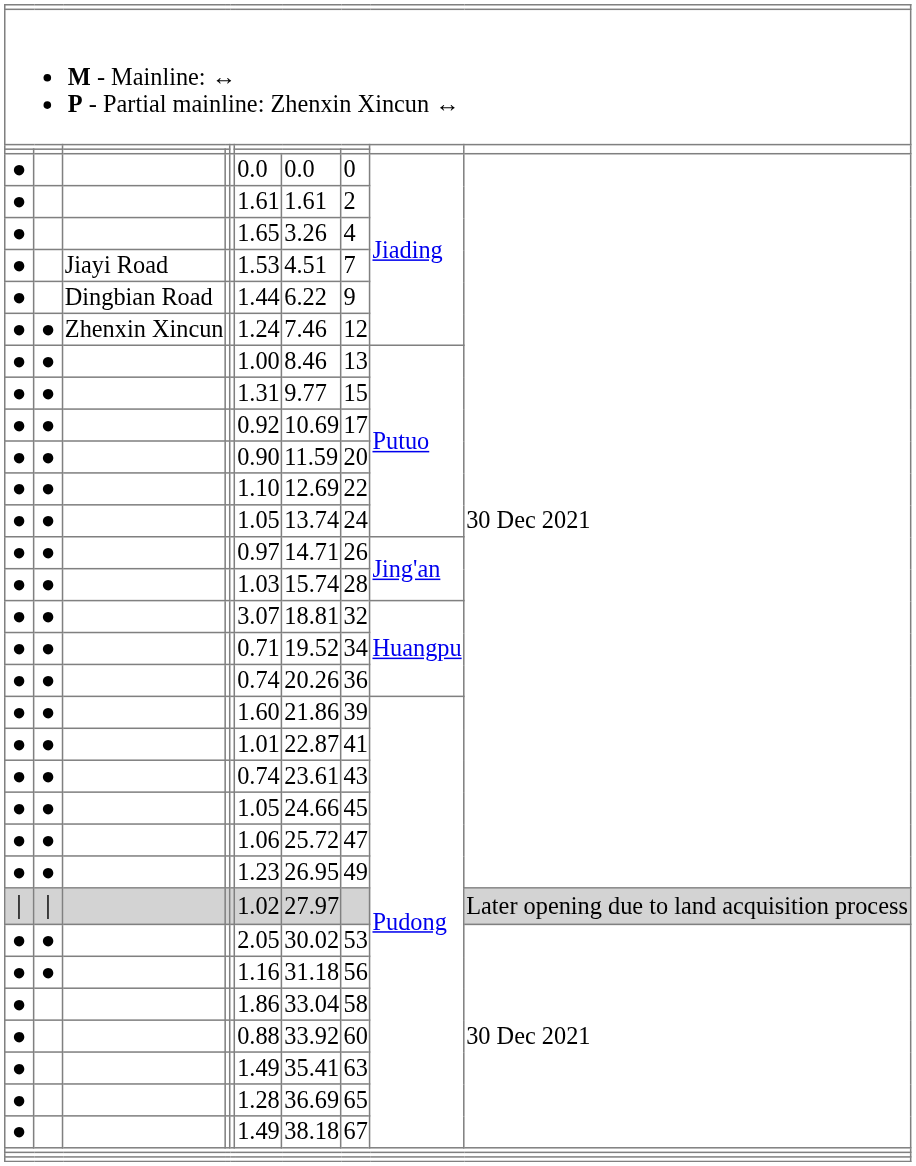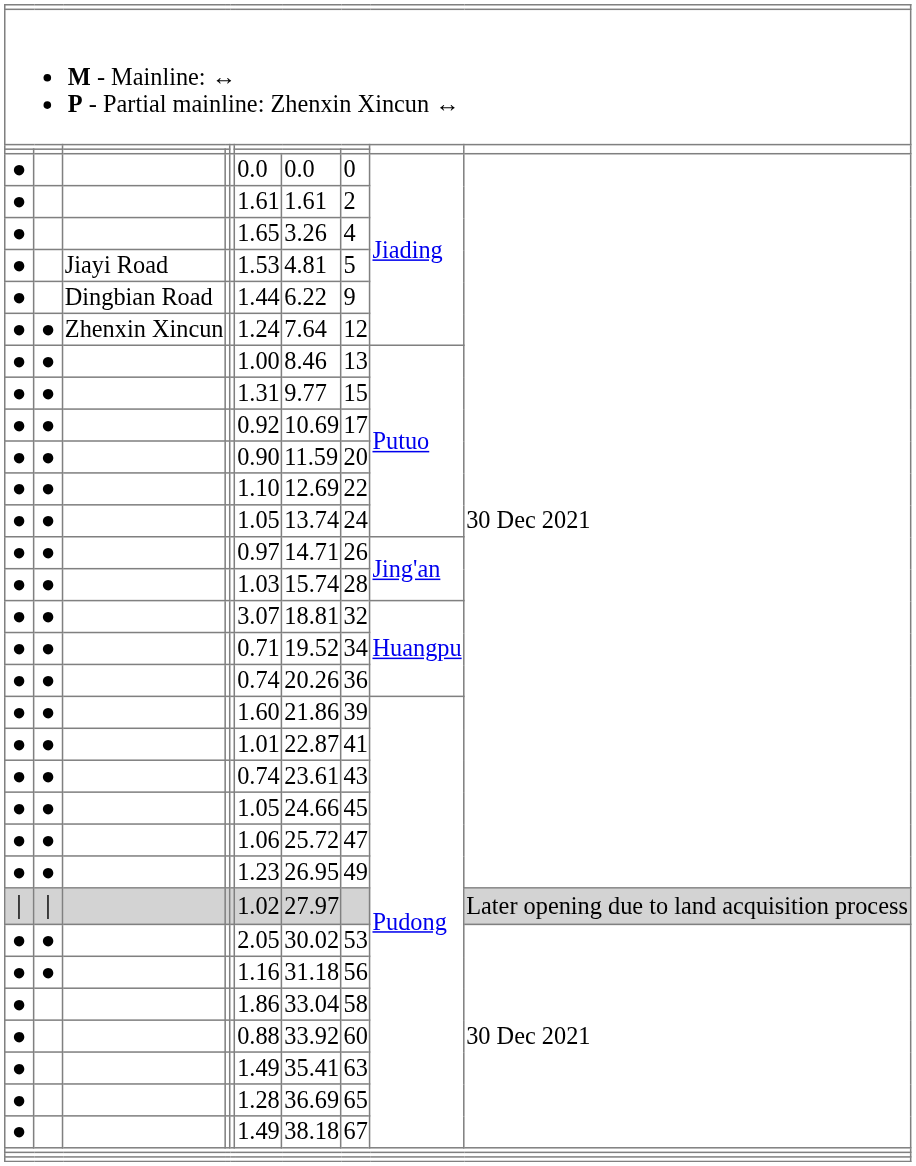 <table border=1 style="border-collapse: collapse;" class="mw-collapsible">
 <tr>
 <th colspan="11" style="text-align: center"></th>
 </tr>
 <tr>
 <td colspan="11" style="text-align: left"><br><ul><li><strong>M</strong> - Mainline:  ↔ </li><li><strong>P</strong> - Partial mainline: Zhenxin Xincun ↔ </li></ul></td>
 </tr>
 <tr>
 <th rowspan="1" colspan="2"></th>
 <th colspan="2"></th>
 <th rowspan="2"></th>
 <th colspan="3" rowspan="1"></th>
 <th rowspan="2"></th>
 <th rowspan="2"></th>
 </tr>
 <tr>
 <th rowspan="1"></th>
 <th></th>
 <th></th>
 <th></th>
 <th colspan="2"></th>
 <th></th>
 </tr>
 <tr>
 <td align="center">●</td>
 <td></td>
 <td></td>
 <td></td>
 <td></td>
 <td>0.0</td>
 <td>0.0</td>
 <td>0</td>
 <td rowspan="6"><a href='#'>Jiading</a></td>
 <td rowspan="23">30 Dec 2021</td>
 </tr>
 <tr>
 <td align="center">●</td>
 <td></td>
 <td> </td>
 <td></td>
 <td></td>
 <td>1.61</td>
 <td>1.61</td>
 <td>2</td>
 </tr>
 <tr>
 <td align="center">●</td>
 <td></td>
 <td></td>
 <td></td>
 <td></td>
 <td>1.65</td>
 <td>3.26</td>
 <td>4</td>
 </tr>
 <tr>
 <td align="center">●</td>
 <td></td>
 <td>Jiayi Road</td>
 <td></td>
 <td></td>
 <td>1.53</td>
-<td>4.51</td>
-<td>7</td>
+<td>4.81</td>
+<td>5</td>
 </tr>
 <tr>
 <td align="center">●</td>
 <td></td>
 <td>Dingbian Road </td>
 <td></td>
 <td></td>
 <td>1.44</td>
 <td>6.22</td>
 <td>9</td>
 </tr>
 <tr>
 <td align="center">●</td>
 <td align="center">●</td>
 <td>Zhenxin Xincun</td>
 <td></td>
 <td></td>
 <td>1.24</td>
-<td>7.46</td>
+<td>7.64</td>
 <td>12</td>
 </tr>
 <tr>
 <td align="center">●</td>
 <td align="center">●</td>
 <td></td>
 <td></td>
 <td></td>
 <td>1.00</td>
 <td>8.46</td>
 <td>13</td>
 <td rowspan="6"><a href='#'>Putuo</a></td>
 </tr>
 <tr>
 <td align="center">●</td>
 <td align="center">●</td>
 <td></td>
 <td></td>
 <td></td>
 <td>1.31</td>
 <td>9.77</td>
 <td>15</td>
 </tr>
 <tr>
 <td align="center">●</td>
 <td align="center">●</td>
 <td></td>
 <td></td>
 <td></td>
 <td>0.92</td>
 <td>10.69</td>
 <td>17</td>
 </tr>
 <tr>
 <td align="center">●</td>
 <td align="center">●</td>
 <td></td>
 <td></td>
 <td></td>
 <td>0.90</td>
 <td>11.59</td>
 <td>20</td>
 </tr>
 <tr>
 <td align="center">●</td>
 <td align="center">●</td>
 <td></td>
 <td></td>
 <td>   </td>
 <td>1.10</td>
 <td>12.69</td>
 <td>22</td>
 </tr>
 <tr>
 <td align="center">●</td>
 <td align="center">●</td>
 <td></td>
 <td></td>
 <td></td>
 <td>1.05</td>
 <td>13.74</td>
 <td>24</td>
 </tr>
 <tr>
 <td align="center">●</td>
 <td align="center">●</td>
 <td></td>
 <td></td>
 <td></td>
 <td>0.97</td>
 <td>14.71</td>
 <td>26</td>
 <td rowspan="2"><a href='#'>Jing'an</a></td>
 </tr>
 <tr>
 <td align="center">●</td>
 <td align="center">●</td>
 <td></td>
 <td></td>
 <td> </td>
 <td>1.03</td>
 <td>15.74</td>
 <td>28</td>
 </tr>
 <tr>
 <td align="center">●</td>
 <td align="center">●</td>
 <td></td>
 <td></td>
 <td></td>
 <td>3.07</td>
 <td>18.81</td>
 <td>32</td>
 <td rowspan="3"><a href='#'>Huangpu</a></td>
 </tr>
 <tr>
 <td align="center">●</td>
 <td align="center">●</td>
 <td></td>
 <td></td>
 <td></td>
 <td>0.71</td>
 <td>19.52</td>
 <td>34</td>
 </tr>
 <tr>
 <td align="center">●</td>
 <td align="center">●</td>
 <td></td>
 <td></td>
 <td></td>
 <td>0.74</td>
 <td>20.26</td>
 <td>36</td>
 </tr>
 <tr>
 <td align="center">●</td>
 <td align="center">●</td>
 <td></td>
 <td></td>
 <td></td>
 <td>1.60</td>
 <td>21.86</td>
 <td>39</td>
 <td rowspan="14"><a href='#'>Pudong</a></td>
 </tr>
 <tr>
 <td align="center">●</td>
 <td align="center">●</td>
 <td></td>
 <td></td>
 <td></td>
 <td>1.01</td>
 <td>22.87</td>
 <td>41</td>
 </tr>
 <tr>
 <td align="center">●</td>
 <td align="center">●</td>
 <td></td>
 <td></td>
 <td></td>
 <td>0.74</td>
 <td>23.61</td>
 <td>43</td>
 </tr>
 <tr>
 <td align="center">●</td>
 <td align="center">●</td>
 <td></td>
 <td></td>
 <td></td>
 <td>1.05</td>
 <td>24.66</td>
 <td>45</td>
 </tr>
 <tr>
 <td align="center">●</td>
 <td align="center">●</td>
 <td></td>
 <td></td>
 <td></td>
 <td>1.06</td>
 <td>25.72</td>
 <td>47</td>
 </tr>
 <tr>
 <td align="center">●</td>
 <td align="center">●</td>
 <td></td>
 <td></td>
 <td></td>
 <td>1.23</td>
 <td>26.95</td>
 <td>49</td>
 </tr>
 <tr bgcolor="lightgrey">
 <td align="center">｜</td>
 <td align="center">｜</td>
 <td></td>
 <td></td>
 <td></td>
 <td>1.02</td>
 <td>27.97</td>
 <td></td>
 <td>Later opening due to land acquisition process</td>
 </tr>
 <tr>
 <td align="center">●</td>
 <td align="center">●</td>
 <td></td>
 <td></td>
 <td></td>
 <td>2.05</td>
 <td>30.02</td>
 <td>53</td>
 <td rowspan="7">30 Dec 2021</td>
 </tr>
 <tr>
 <td align="center">●</td>
 <td align="center">●</td>
 <td></td>
 <td></td>
 <td></td>
 <td>1.16</td>
 <td>31.18</td>
 <td>56</td>
 </tr>
 <tr>
 <td align="center">●</td>
 <td></td>
 <td></td>
 <td></td>
 <td></td>
 <td>1.86</td>
 <td>33.04</td>
 <td>58</td>
 </tr>
 <tr>
 <td align="center">●</td>
 <td></td>
 <td> </td>
 <td></td>
 <td></td>
 <td>0.88</td>
 <td>33.92</td>
 <td>60</td>
 </tr>
 <tr>
 <td align="center">●</td>
 <td></td>
 <td> </td>
 <td></td>
 <td></td>
 <td>1.49</td>
 <td>35.41</td>
 <td>63</td>
 </tr>
 <tr>
 <td align="center">●</td>
 <td></td>
 <td></td>
 <td></td>
 <td></td>
 <td>1.28</td>
 <td>36.69</td>
 <td>65</td>
 </tr>
 <tr>
 <td align="center">●</td>
 <td></td>
 <td></td>
 <td></td>
 <td></td>
 <td>1.49</td>
 <td>38.18</td>
 <td>67</td>
 </tr>
 <tr style="background:#">
 <td colspan = "11"></td>
 </tr>
 <tr>
 <td colspan = "11"></td>
 </tr>
 <tr style="background: #">
 <td colspan = "11"></td>
 </tr>
 </table>
